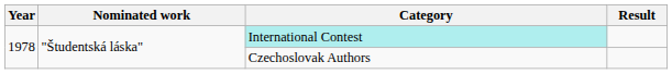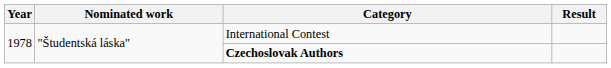 <table class="wikitable">
 <tr>
 <th style="width:10px;">Year</th>
 <th style="width:237px;">Nominated work</th>
 <th style="width:420px;">Category</th>
 <th style="width:63px;">Result</th>
 </tr>
 <tr>
 <td rowspan="2">1978</td>
 <td rowspan="2">"Študentská láska"</td>
-<td style="background: paleturquoise;">International Contest</td>
+<td>International Contest</td>
 <td></td>
 </tr>
 <tr>
-<td>Czechoslovak Authors</td>
+<td><strong>Czechoslovak Authors</strong></td>
 <td></td>
 </tr>
 </table>
